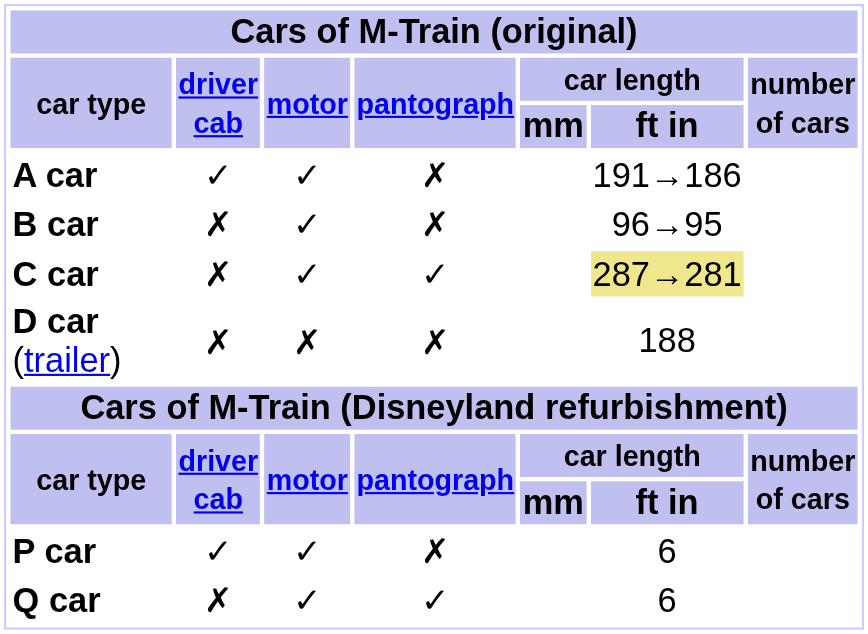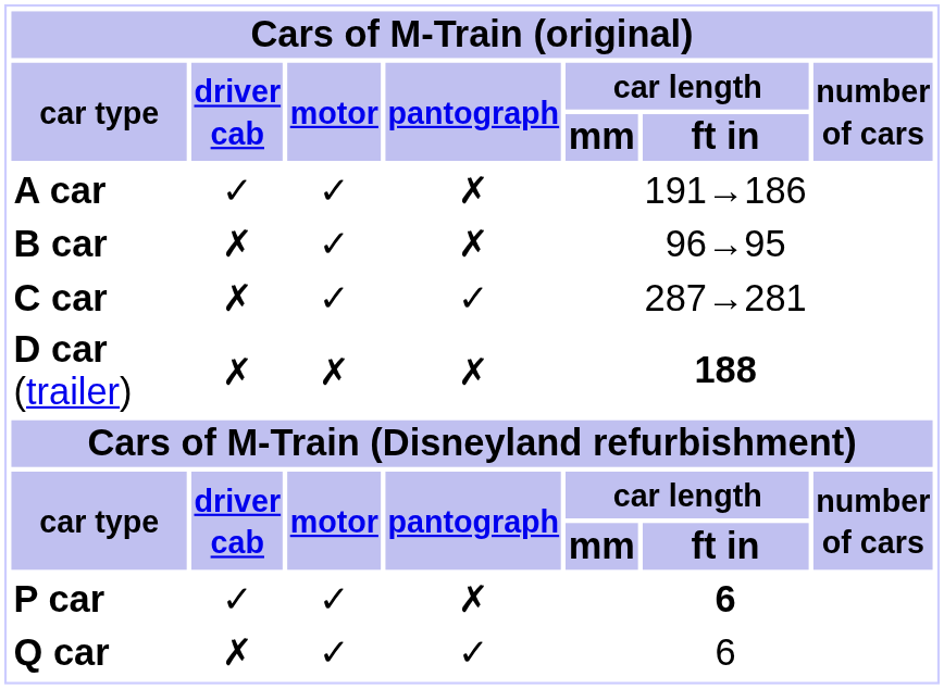 <table width=400px style="border:1px solid #ccf; text-align:center">
 <tr>
 <th colspan="7" style="background-color:#c0c0f0">Cars of M-Train (original)</th>
 </tr>
 <tr>
 <th style="background-color:#c0c0f0" rowspan=2><small>car type </small></th>
 <th style="background-color:#c0c0f0" rowspan=2><small><a href='#'>driver cab</a> </small></th>
 <th style="background-color:#c0c0f0" rowspan=2><small><a href='#'>motor</a></small></th>
 <th style="background-color:#c0c0f0" rowspan=2><small><a href='#'>pantograph</a> </small></th>
 <th style="background-color:#c0c0f0" colspan=2><small>car length </small></th>
 <th style="background-color:#c0c0f0" rowspan=2><small>number<br>of cars </small></th>
 </tr>
 <tr>
 <th style="background-color:#c0c0f0">mm</th>
 <th style="background-color:#c0c0f0">ft in</th>
 </tr>
 <tr>
 <td style=text-align:left><strong>A car</strong></td>
 <td>✓</td>
 <td>✓</td>
 <td><span>✗</span></td>
 <td></td>
 <td>191→186</td>
 </tr>
 <tr>
 <td style=text-align:left><strong>B car</strong></td>
 <td><span>✗</span></td>
 <td>✓</td>
 <td><span>✗</span></td>
 <td></td>
 <td>96→95</td>
 </tr>
 <tr>
 <td style=text-align:left><strong>C car</strong></td>
 <td><span>✗</span></td>
 <td>✓</td>
 <td>✓</td>
 <td></td>
-<td style="background: khaki;">287→281</td>
+<td>287→281</td>
 </tr>
 <tr>
 <td style=text-align:left width=80><strong>D car</strong> (<a href='#'>trailer</a>)</td>
 <td><span>✗</span></td>
 <td><span>✗</span></td>
 <td><span>✗</span></td>
 <td></td>
-<td>188</td>
+<td><strong>188</strong></td>
 </tr>
 <tr>
 <th colspan="7" style="background-color:#c0c0f0">Cars of M-Train (Disneyland refurbishment)</th>
 </tr>
 <tr>
 <th style="background-color:#c0c0f0" rowspan=2><small>car type </small></th>
 <th style="background-color:#c0c0f0" rowspan=2><small><a href='#'>driver cab</a> </small></th>
 <th style="background-color:#c0c0f0" rowspan=2><small><a href='#'>motor</a> </small></th>
 <th style="background-color:#c0c0f0" rowspan=2><small><a href='#'>pantograph</a> </small></th>
 <th style="background-color:#c0c0f0" colspan=2><small>car length </small></th>
 <th style="background-color:#c0c0f0" rowspan=2><small>number<br>of cars </small></th>
 </tr>
 <tr>
 <th style="background-color:#c0c0f0">mm</th>
 <th style="background-color:#c0c0f0">ft in</th>
 </tr>
 <tr>
 <td style=text-align:left width=80><strong>P car</strong></td>
 <td>✓</td>
 <td>✓</td>
 <td><span>✗</span></td>
 <td></td>
-<td>6</td>
+<td><strong>6</strong></td>
 </tr>
 <tr>
 <td style=text-align:left><strong>Q car</strong></td>
 <td><span>✗</span></td>
 <td>✓</td>
 <td>✓</td>
 <td></td>
 <td>6</td>
 </tr>
 </table>
